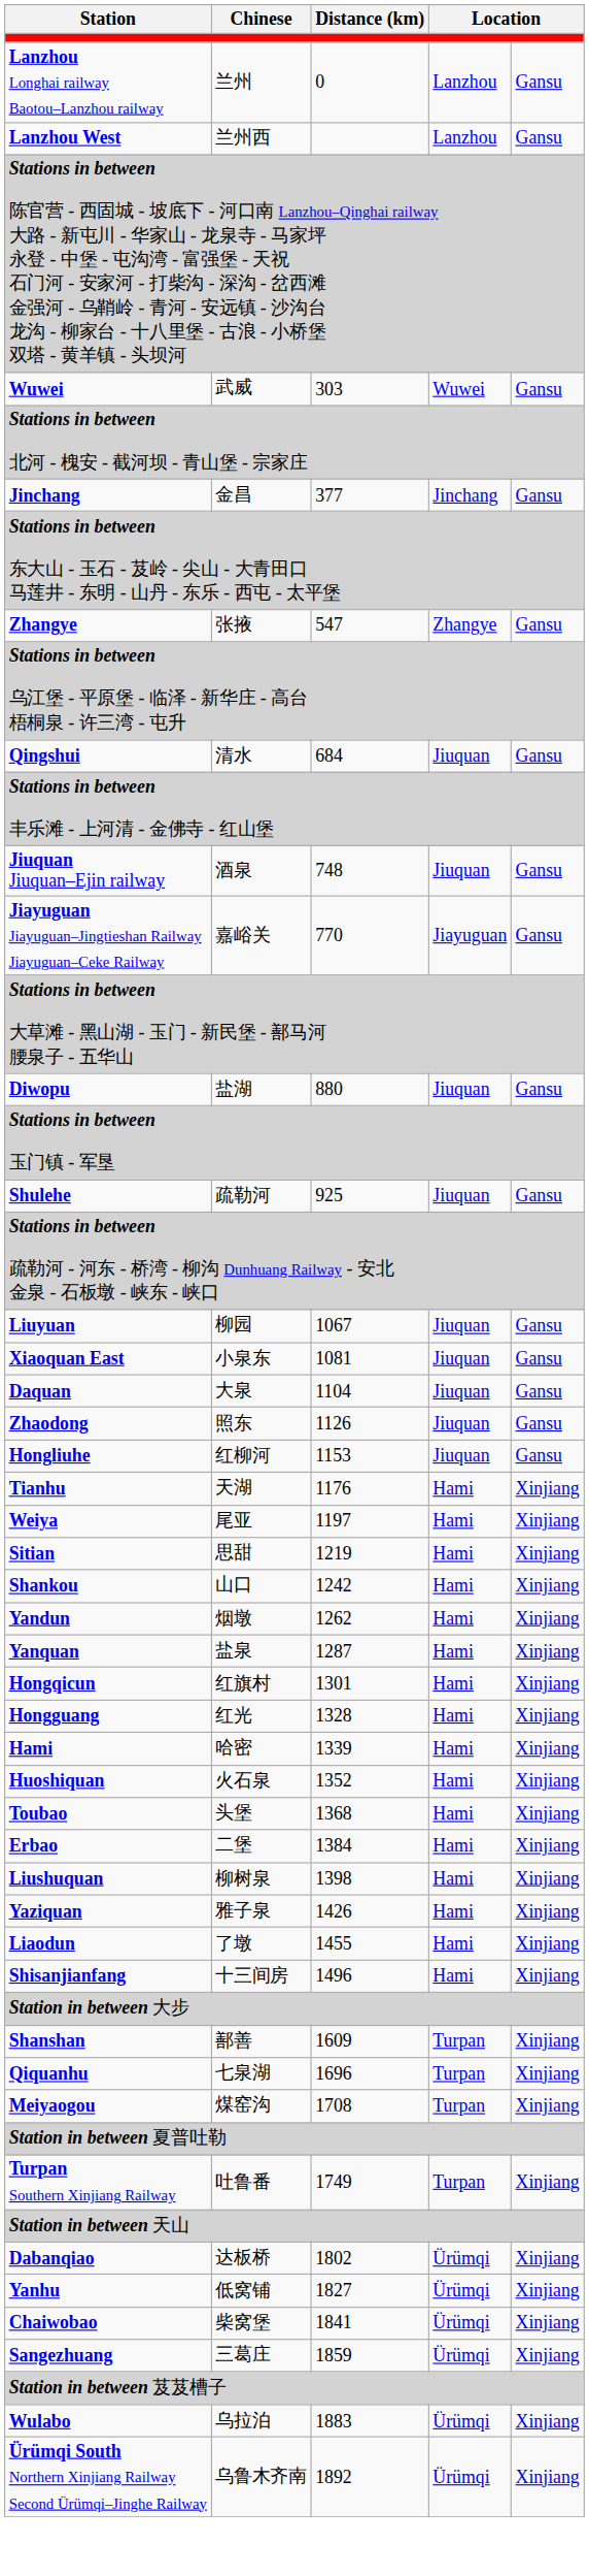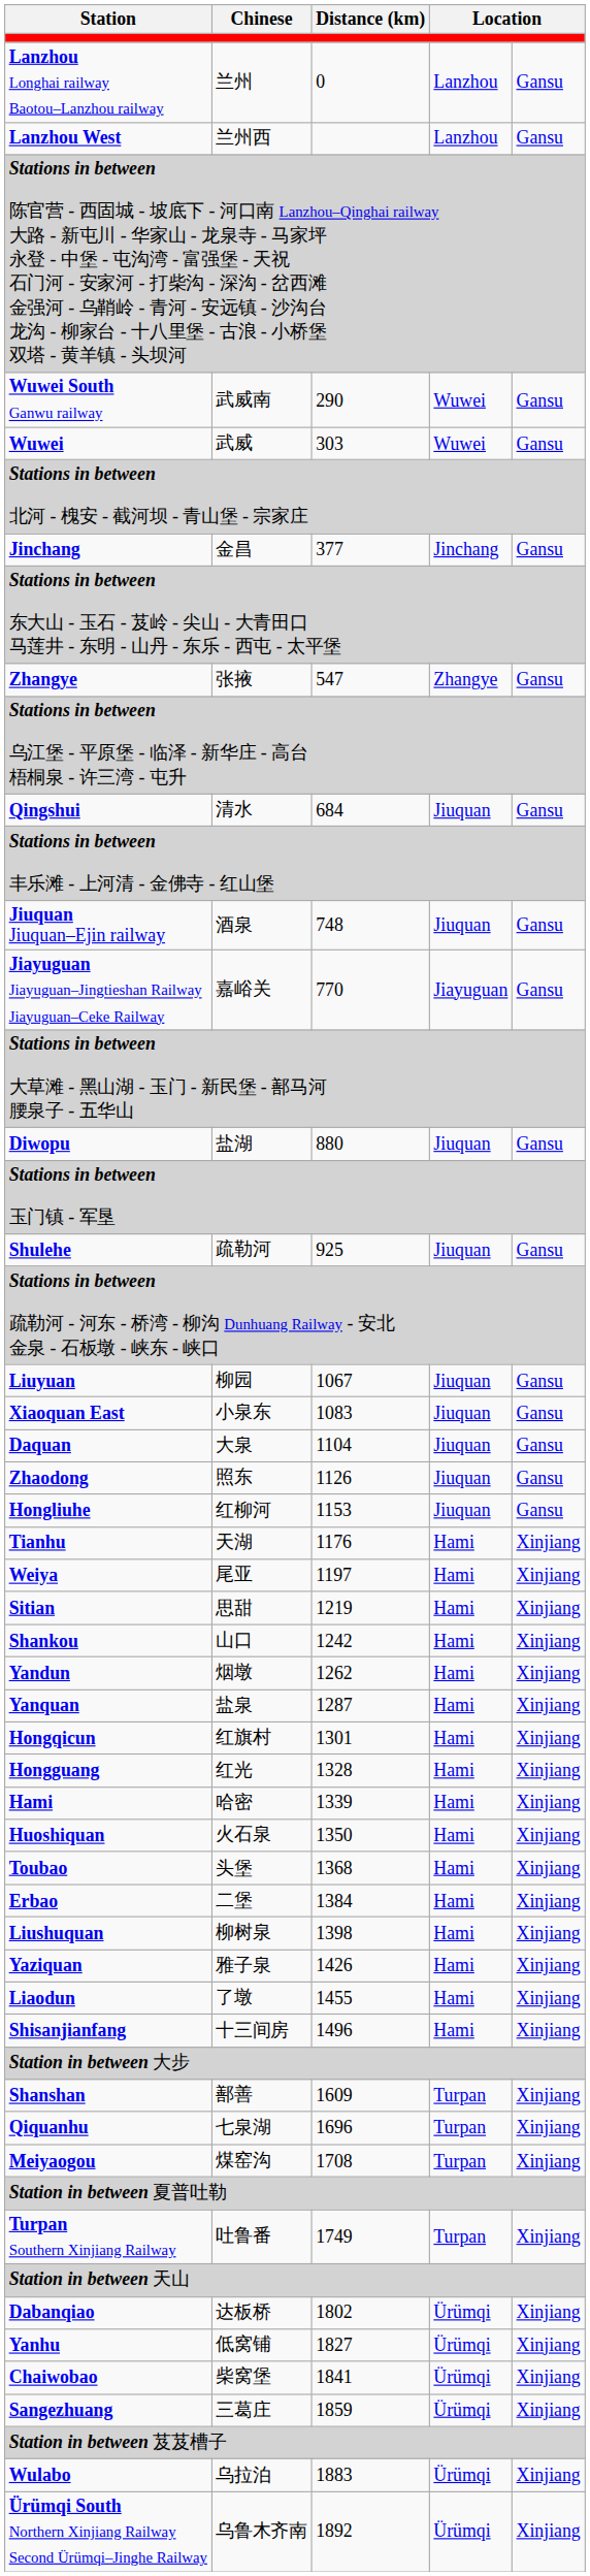 <table class="wikitable" rules="all">
 <tr>
 <th>Station</th>
 <th>Chinese</th>
 <th>Distance (km)</th>
 <th colspan="2">Location</th>
 </tr>
 <tr style = "background:red; height: 2pt">
 <td colspan = "5"></td>
 </tr>
 <tr>
 <td><strong><a href='#'>Lanzhou</a></strong><br><sub><a href='#'>Longhai railway</a><br><a href='#'>Baotou–Lanzhou railway</a></sub></td>
 <td>兰州</td>
 <td>0</td>
 <td><a href='#'>Lanzhou</a></td>
 <td><a href='#'>Gansu</a></td>
 </tr>
 <tr>
 <td><strong><a href='#'>Lanzhou West</a></strong></td>
 <td>兰州西</td>
 <td></td>
 <td><a href='#'>Lanzhou</a></td>
 <td><a href='#'>Gansu</a></td>
 </tr>
 <tr style = "background:lightgrey;">
 <td colspan = "5"><strong><em>Stations in between</em></strong><br><br>陈官营 - 西固城 - 坡底下 - 河口南 <small><a href='#'>Lanzhou–Qinghai railway</a></small><br> 大路 - 新屯川 - 华家山 - 龙泉寺 - 马家坪<br> 永登 - 中堡 - 屯沟湾 - 富强堡 - 天祝<br> 石门河 - 安家河 - 打柴沟 - 深沟 - 岔西滩<br> 金强河 - 乌鞘岭 - 青河 - 安远镇 - 沙沟台<br> 龙沟 - 柳家台 - 十八里堡 - 古浪 - 小桥堡<br> 双塔 - 黄羊镇 - 头坝河</td>
+</tr>
+<tr>
+<td><strong><a href='#'>Wuwei South</a></strong><br><sub><a href='#'>Ganwu railway</a></sub><br></td>
+<td>武威南</td>
+<td>290</td>
+<td><a href='#'>Wuwei</a></td>
+<td><a href='#'>Gansu</a></td>
 </tr>
 <tr>
 <td><strong><a href='#'>Wuwei</a></strong></td>
 <td>武威</td>
 <td>303</td>
 <td><a href='#'>Wuwei</a></td>
 <td><a href='#'>Gansu</a></td>
 </tr>
 <tr style = "background:lightgrey;">
 <td colspan = "5"><strong><em>Stations in between</em></strong><br><br>北河 - 槐安 - 截河坝 - 青山堡 - 宗家庄</td>
 </tr>
 <tr>
 <td><strong><a href='#'>Jinchang</a></strong></td>
 <td>金昌</td>
 <td>377</td>
 <td><a href='#'>Jinchang</a></td>
 <td><a href='#'>Gansu</a></td>
 </tr>
 <tr style = "background:lightgrey;">
 <td colspan = "5"><strong><em>Stations in between</em></strong><br><br>东大山 - 玉石 - 芨岭 - 尖山 - 大青田口<br> 马莲井 - 东明 - 山丹 - 东乐 - 西屯 - 太平堡</td>
 </tr>
 <tr>
 <td><strong><a href='#'>Zhangye</a></strong></td>
 <td>张掖</td>
 <td>547</td>
 <td><a href='#'>Zhangye</a></td>
 <td><a href='#'>Gansu</a></td>
 </tr>
 <tr style = "background:lightgrey;">
 <td colspan = "5"><strong><em>Stations in between</em></strong><br><br>乌江堡 - 平原堡 - 临泽 - 新华庄 - 高台<br> 梧桐泉 - 许三湾 - 屯升</td>
 </tr>
 <tr>
 <td><strong><a href='#'>Qingshui</a></strong></td>
 <td>清水</td>
 <td>684</td>
 <td><a href='#'>Jiuquan</a></td>
 <td><a href='#'>Gansu</a></td>
 </tr>
 <tr style = "background:lightgrey;">
 <td colspan = "5"><strong><em>Stations in between</em></strong><br><br>丰乐滩 - 上河清 - 金佛寺 - 红山堡</td>
 </tr>
 <tr>
 <td><strong><a href='#'>Jiuquan</a></strong><br><a href='#'>Jiuquan–Ejin railway</a></td>
 <td>酒泉</td>
 <td>748</td>
 <td><a href='#'>Jiuquan</a></td>
 <td><a href='#'>Gansu</a></td>
 </tr>
 <tr>
 <td><strong><a href='#'>Jiayuguan</a></strong><br><sub><a href='#'>Jiayuguan–Jingtieshan Railway</a><br><a href='#'>Jiayuguan–Ceke Railway</a></sub></td>
 <td>嘉峪关</td>
 <td>770</td>
 <td><a href='#'>Jiayuguan</a></td>
 <td><a href='#'>Gansu</a></td>
 </tr>
 <tr style = "background:lightgrey;">
 <td colspan = "5"><strong><em>Stations in between</em></strong><br><br>大草滩 - 黑山湖 - 玉门 - 新民堡 - 鄯马河<br> 腰泉子 - 五华山</td>
 </tr>
 <tr>
 <td><strong><a href='#'>Diwopu</a></strong></td>
 <td>盐湖</td>
 <td>880</td>
 <td><a href='#'>Jiuquan</a></td>
 <td><a href='#'>Gansu</a></td>
 </tr>
 <tr style = "background:lightgrey;">
 <td colspan = "5"><strong><em>Stations in between</em></strong><br><br>玉门镇 - 军垦</td>
 </tr>
 <tr>
 <td><strong><a href='#'>Shulehe</a></strong></td>
 <td>疏勒河</td>
 <td>925</td>
 <td><a href='#'>Jiuquan</a></td>
 <td><a href='#'>Gansu</a></td>
 </tr>
 <tr style = "background:lightgrey;">
 <td colspan = "5"><strong><em>Stations in between</em></strong><br><br>疏勒河 - 河东 - 桥湾 - 柳沟 <small><a href='#'>Dunhuang Railway</a></small> - 安北<br> 金泉 - 石板墩 - 峡东 - 峡口</td>
 </tr>
 <tr>
 <td><strong><a href='#'>Liuyuan</a></strong></td>
 <td>柳园</td>
 <td>1067</td>
 <td><a href='#'>Jiuquan</a></td>
 <td><a href='#'>Gansu</a></td>
 </tr>
 <tr>
 <td><strong><a href='#'>Xiaoquan East</a></strong></td>
 <td>小泉东</td>
-<td>1081</td>
+<td>1083</td>
 <td><a href='#'>Jiuquan</a></td>
 <td><a href='#'>Gansu</a></td>
 </tr>
 <tr>
 <td><strong><a href='#'>Daquan</a></strong></td>
 <td>大泉</td>
 <td>1104</td>
 <td><a href='#'>Jiuquan</a></td>
 <td><a href='#'>Gansu</a></td>
 </tr>
 <tr>
 <td><strong><a href='#'>Zhaodong</a></strong></td>
 <td>照东</td>
 <td>1126</td>
 <td><a href='#'>Jiuquan</a></td>
 <td><a href='#'>Gansu</a></td>
 </tr>
 <tr>
 <td><strong><a href='#'>Hongliuhe</a></strong></td>
 <td>红柳河</td>
 <td>1153</td>
 <td><a href='#'>Jiuquan</a></td>
 <td><a href='#'>Gansu</a></td>
 </tr>
 <tr>
 <td><strong><a href='#'>Tianhu</a></strong></td>
 <td>天湖</td>
 <td>1176</td>
 <td><a href='#'>Hami</a></td>
 <td><a href='#'>Xinjiang</a></td>
 </tr>
 <tr>
 <td><strong><a href='#'>Weiya</a></strong></td>
 <td>尾亚</td>
 <td>1197</td>
 <td><a href='#'>Hami</a></td>
 <td><a href='#'>Xinjiang</a></td>
 </tr>
 <tr>
 <td><strong><a href='#'>Sitian</a></strong></td>
 <td>思甜</td>
 <td>1219</td>
 <td><a href='#'>Hami</a></td>
 <td><a href='#'>Xinjiang</a></td>
 </tr>
 <tr>
 <td><strong><a href='#'>Shankou</a></strong></td>
 <td>山口</td>
 <td>1242</td>
 <td><a href='#'>Hami</a></td>
 <td><a href='#'>Xinjiang</a></td>
 </tr>
 <tr>
 <td><strong><a href='#'>Yandun</a></strong></td>
 <td>烟墩</td>
 <td>1262</td>
 <td><a href='#'>Hami</a></td>
 <td><a href='#'>Xinjiang</a></td>
 </tr>
 <tr>
 <td><strong><a href='#'>Yanquan</a></strong></td>
 <td>盐泉</td>
 <td>1287</td>
 <td><a href='#'>Hami</a></td>
 <td><a href='#'>Xinjiang</a></td>
 </tr>
 <tr>
 <td><strong><a href='#'>Hongqicun</a></strong></td>
 <td>红旗村</td>
 <td>1301</td>
 <td><a href='#'>Hami</a></td>
 <td><a href='#'>Xinjiang</a></td>
 </tr>
 <tr>
 <td><strong><a href='#'>Hongguang</a></strong></td>
 <td>红光</td>
 <td>1328</td>
 <td><a href='#'>Hami</a></td>
 <td><a href='#'>Xinjiang</a></td>
 </tr>
 <tr>
 <td><strong><a href='#'>Hami</a></strong></td>
 <td>哈密</td>
 <td>1339</td>
 <td><a href='#'>Hami</a></td>
 <td><a href='#'>Xinjiang</a></td>
 </tr>
 <tr>
 <td><strong><a href='#'>Huoshiquan</a></strong></td>
 <td>火石泉</td>
-<td>1352</td>
+<td>1350</td>
 <td><a href='#'>Hami</a></td>
 <td><a href='#'>Xinjiang</a></td>
 </tr>
 <tr>
 <td><strong><a href='#'>Toubao</a></strong></td>
 <td>头堡</td>
 <td>1368</td>
 <td><a href='#'>Hami</a></td>
 <td><a href='#'>Xinjiang</a></td>
 </tr>
 <tr>
 <td><strong><a href='#'>Erbao</a></strong></td>
 <td>二堡</td>
 <td>1384</td>
 <td><a href='#'>Hami</a></td>
 <td><a href='#'>Xinjiang</a></td>
 </tr>
 <tr>
 <td><strong><a href='#'>Liushuquan</a></strong></td>
 <td>柳树泉</td>
 <td>1398</td>
 <td><a href='#'>Hami</a></td>
 <td><a href='#'>Xinjiang</a></td>
 </tr>
 <tr>
 <td><strong><a href='#'>Yaziquan</a></strong></td>
 <td>雅子泉</td>
 <td>1426</td>
 <td><a href='#'>Hami</a></td>
 <td><a href='#'>Xinjiang</a></td>
 </tr>
 <tr>
 <td><strong><a href='#'>Liaodun</a></strong></td>
 <td>了墩</td>
 <td>1455</td>
 <td><a href='#'>Hami</a></td>
 <td><a href='#'>Xinjiang</a></td>
 </tr>
 <tr>
 <td><strong><a href='#'>Shisanjianfang</a></strong></td>
 <td>十三间房</td>
 <td>1496</td>
 <td><a href='#'>Hami</a></td>
 <td><a href='#'>Xinjiang</a></td>
 </tr>
 <tr style = "background:lightgrey;">
 <td colspan = "5"><strong><em>Station in between</em></strong> 大步</td>
 </tr>
 <tr>
 <td><strong><a href='#'>Shanshan</a></strong></td>
 <td>鄯善</td>
 <td>1609</td>
 <td><a href='#'>Turpan</a></td>
 <td><a href='#'>Xinjiang</a></td>
 </tr>
 <tr>
 <td><strong><a href='#'>Qiquanhu</a></strong></td>
 <td>七泉湖</td>
 <td>1696</td>
 <td><a href='#'>Turpan</a></td>
 <td><a href='#'>Xinjiang</a></td>
 </tr>
 <tr>
 <td><strong><a href='#'>Meiyaogou</a></strong></td>
 <td>煤窑沟</td>
 <td>1708</td>
 <td><a href='#'>Turpan</a></td>
 <td><a href='#'>Xinjiang</a></td>
 </tr>
 <tr style = "background:lightgrey;">
 <td colspan = "5"><strong><em>Station in between</em></strong> 夏普吐勒</td>
 </tr>
 <tr>
 <td><strong><a href='#'>Turpan</a></strong><br><sub><a href='#'>Southern Xinjiang Railway</a></sub></td>
 <td>吐鲁番</td>
 <td>1749</td>
 <td><a href='#'>Turpan</a></td>
 <td><a href='#'>Xinjiang</a></td>
 </tr>
 <tr style = "background:lightgrey;">
 <td colspan = "5"><strong><em>Station in between</em></strong> 天山</td>
 </tr>
 <tr>
 <td><strong><a href='#'>Dabanqiao</a></strong></td>
 <td>达板桥</td>
 <td>1802</td>
 <td><a href='#'>Ürümqi</a></td>
 <td><a href='#'>Xinjiang</a></td>
 </tr>
 <tr>
 <td><strong><a href='#'>Yanhu</a></strong></td>
 <td>低窝铺</td>
 <td>1827</td>
 <td><a href='#'>Ürümqi</a></td>
 <td><a href='#'>Xinjiang</a></td>
 </tr>
 <tr>
 <td><strong><a href='#'>Chaiwobao</a></strong></td>
 <td>柴窝堡</td>
 <td>1841</td>
 <td><a href='#'>Ürümqi</a></td>
 <td><a href='#'>Xinjiang</a></td>
 </tr>
 <tr>
 <td><strong><a href='#'>Sangezhuang</a></strong></td>
 <td>三葛庄</td>
 <td>1859</td>
 <td><a href='#'>Ürümqi</a></td>
 <td><a href='#'>Xinjiang</a></td>
 </tr>
 <tr style = "background:lightgrey;">
 <td colspan = "5"><strong><em>Station in between</em></strong> 芨芨槽子</td>
 </tr>
 <tr>
 <td><strong><a href='#'>Wulabo</a></strong></td>
 <td>乌拉泊</td>
 <td>1883</td>
 <td><a href='#'>Ürümqi</a></td>
 <td><a href='#'>Xinjiang</a></td>
 </tr>
 <tr>
 <td><strong><a href='#'>Ürümqi South</a></strong><br><sub><a href='#'>Northern Xinjiang Railway</a><br><a href='#'>Second Ürümqi–Jinghe Railway</a></sub></td>
 <td>乌鲁木齐南</td>
 <td>1892</td>
 <td><a href='#'>Ürümqi</a></td>
 <td><a href='#'>Xinjiang</a></td>
 </tr>
 </table>
